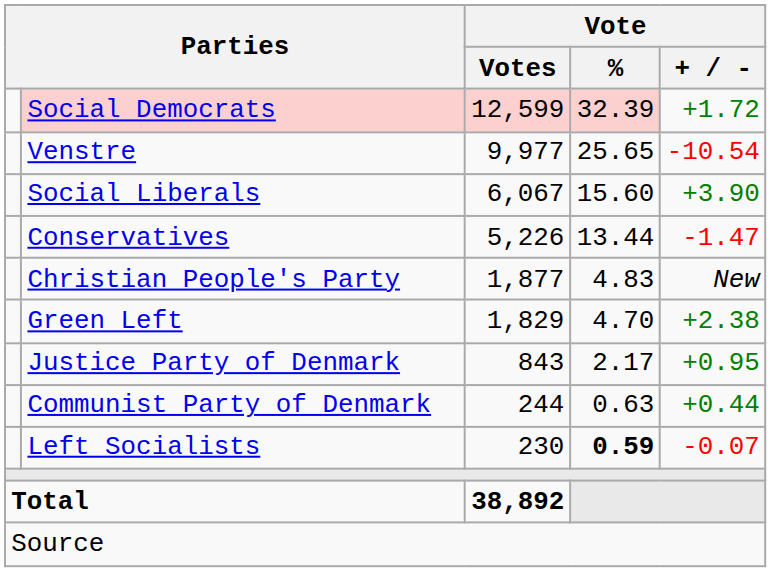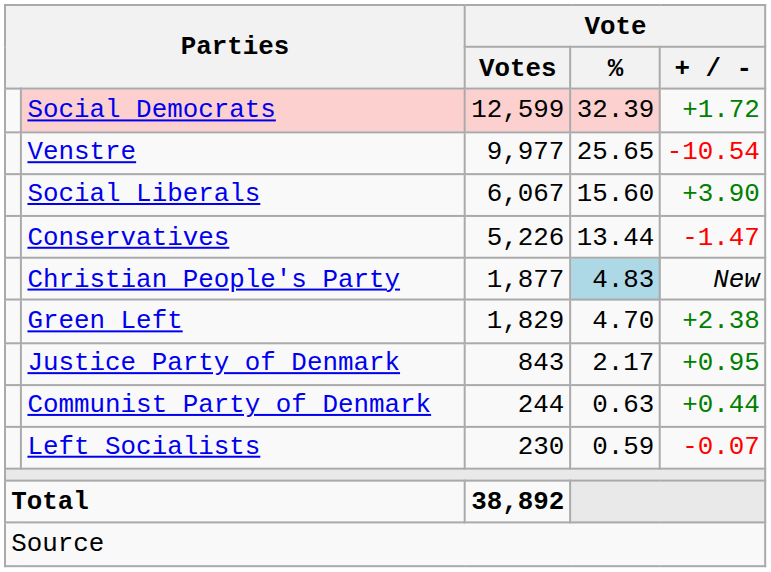 <table class="wikitable" style="text-align:right;">
 <tr>
 <th style="text-align:centre;" rowspan="2" colspan="2" width="225">Parties</th>
 <th colspan="3">Vote</th>
 </tr>
 <tr>
 <th width="15">Votes</th>
 <th width="15">%</th>
 <th width="15">+ / -</th>
 </tr>
 <tr>
 <td width="2" style="color:inherit;background:"></td>
 <td bgcolor=#fbd0ce  align="left"><a href='#'>Social Democrats</a></td>
 <td bgcolor=#fbd0ce>12,599</td>
 <td bgcolor=#fbd0ce>32.39</td>
 <td style=color:green;>+1.72</td>
 </tr>
 <tr>
 <td width="2" style="color:inherit;background:"></td>
 <td align="left"><a href='#'>Venstre</a></td>
 <td>9,977</td>
 <td>25.65</td>
 <td style=color:red;>-10.54</td>
 </tr>
 <tr>
 <td width="2" style="color:inherit;background:"></td>
 <td align="left"><a href='#'>Social Liberals</a></td>
 <td>6,067</td>
 <td>15.60</td>
 <td style=color:green;>+3.90</td>
 </tr>
 <tr>
 <td width="2" style="color:inherit;background:"></td>
 <td align="left"><a href='#'>Conservatives</a></td>
 <td>5,226</td>
 <td>13.44</td>
 <td style=color:red;>-1.47</td>
 </tr>
 <tr>
 <td width="2" style="color:inherit;background:"></td>
 <td align="left"><a href='#'>Christian People's Party</a></td>
 <td>1,877</td>
-<td>4.83</td>
+<td style="background: lightblue;">4.83</td>
 <td><em>New</em></td>
 </tr>
 <tr>
 <td width="2" style="color:inherit;background:"></td>
 <td align="left"><a href='#'>Green Left</a></td>
 <td>1,829</td>
 <td>4.70</td>
 <td style=color:green;>+2.38</td>
 </tr>
 <tr>
 <td width="2" style="color:inherit;background:"></td>
 <td align="left"><a href='#'>Justice Party of Denmark</a></td>
 <td>843</td>
 <td>2.17</td>
 <td style=color:green;>+0.95</td>
 </tr>
 <tr>
 <td width="2" style="color:inherit;background:"></td>
 <td align="left"><a href='#'>Communist Party of Denmark</a></td>
 <td>244</td>
 <td>0.63</td>
 <td style=color:green;>+0.44</td>
 </tr>
 <tr>
 <td width="2" style="color:inherit;background:"></td>
 <td align="left"><a href='#'>Left Socialists</a></td>
 <td>230</td>
-<td><strong>0.59</strong></td>
+<td>0.59</td>
 <td style=color:red;>-0.07</td>
 </tr>
 <tr>
 <td colspan="7" bgcolor="#E9E9E9"></td>
 </tr>
 <tr>
 <td align="left" colspan="2"><strong>Total</strong></td>
 <td><strong>38,892</strong></td>
 <td bgcolor="#E9E9E9" colspan="2"></td>
 </tr>
 <tr>
 <td align="left" colspan="6">Source</td>
 </tr>
 </table>
